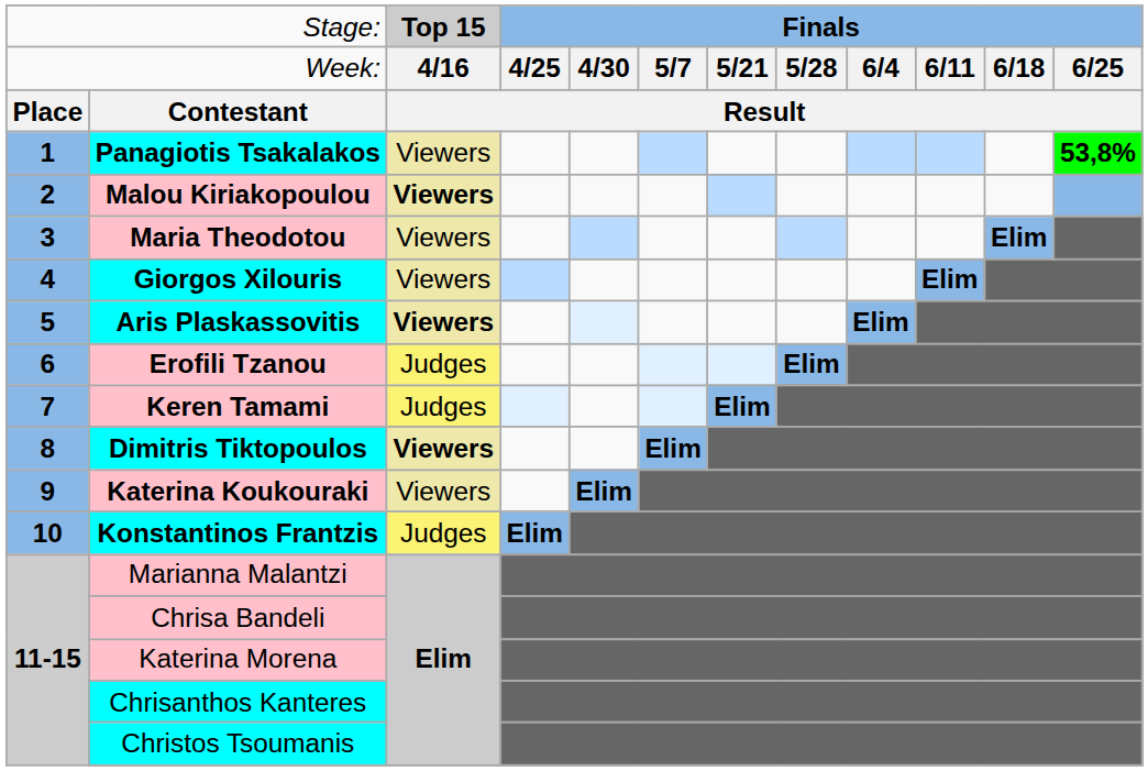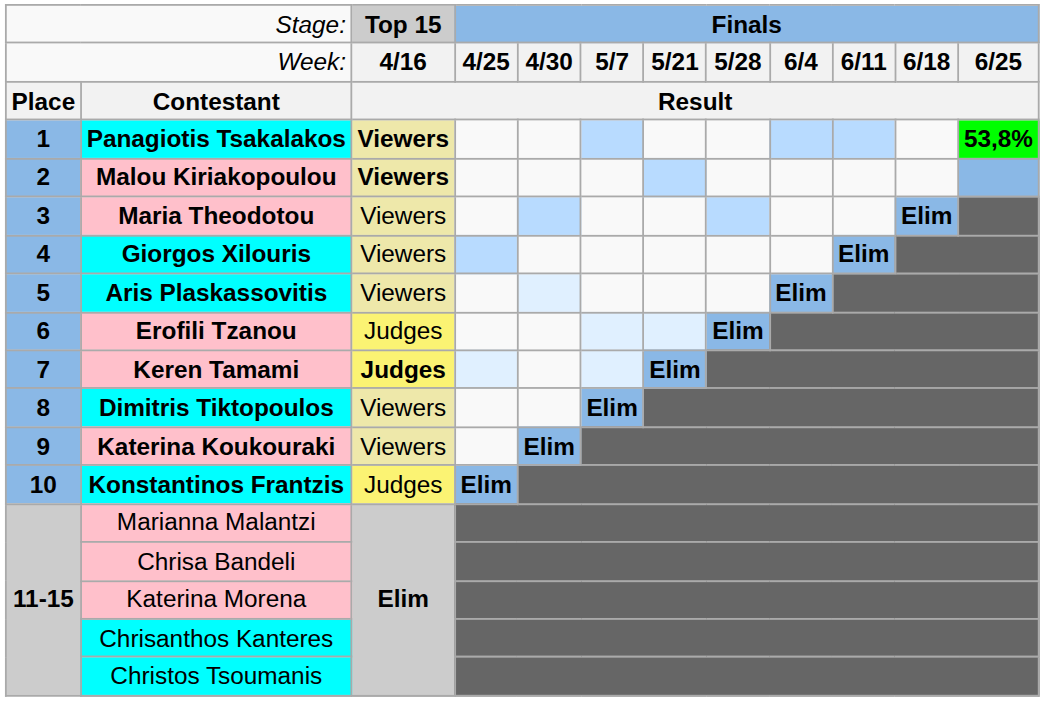 <table class="wikitable" style="margin:1em auto; text-align:center; font-size:85%">
 <tr>
 <td align="right" colspan=2><em>Stage:</em></td>
 <td bgcolor="CCCCCC"><strong>Top 15</strong></td>
 <td bgcolor="8AB8E6" colspan=9><strong>Finals</strong></td>
 </tr>
 <tr>
 <td align="right" colspan=2><em>Week:</em></td>
 <th>4/16</th>
 <th>4/25</th>
 <th>4/30</th>
 <th>5/7</th>
 <th>5/21</th>
 <th>5/28</th>
 <th>6/4</th>
 <th>6/11</th>
 <th>6/18</th>
 <th>6/25</th>
 </tr>
 <tr>
 <th>Place</th>
 <th>Contestant</th>
 <th colspan="10" style="text-align:center;">Result</th>
 </tr>
 <tr>
 <td style="background:#8ab8e6;"><strong>1</strong></td>
 <td bgcolor="cyan"><strong>Panagiotis Tsakalakos</strong></td>
-<td style="background:palegoldenrod; text-align:center;">Viewers</td>
+<td style="background:palegoldenrod; text-align:center;"><strong>Viewers</strong></td>
 <td></td>
 <td></td>
 <td style="background:#b8dbff; text-align:center;"></td>
 <td></td>
 <td></td>
 <td style="background:#b8dbff; text-align:center;"></td>
 <td style="background:#b8dbff; text-align:center;"></td>
 <td></td>
 <td bgcolor="00FF00"><strong>53,8%</strong></td>
 </tr>
 <tr>
 <td style="background:#8ab8e6;"><strong>2</strong></td>
 <td bgcolor="pink"><strong>Malou Kiriakopoulou</strong></td>
 <td style="background:palegoldenrod; text-align:center;"><strong>Viewers</strong></td>
 <td></td>
 <td></td>
 <td></td>
 <td style="background:#b8dbff; text-align:center;"></td>
 <td></td>
 <td></td>
 <td></td>
 <td></td>
 <td style="background:#8ab8e6; text-align:center;"></td>
 </tr>
 <tr>
 <td style="background:#8ab8e6;"><strong>3</strong></td>
 <td bgcolor="pink"><strong>Maria Theodotou</strong></td>
 <td style="background:palegoldenrod; text-align:center;">Viewers</td>
 <td></td>
 <td style="background:#b8dbff; text-align:center;"></td>
 <td></td>
 <td></td>
 <td style="background:#b8dbff; text-align:center;"></td>
 <td></td>
 <td></td>
 <td style="background:#8ab8e6; text-align:center;" rowspan="1"><strong>Elim</strong></td>
 <td colspan="6" style="background:#666;"></td>
 </tr>
 <tr>
 <td style="background:#8ab8e6;"><strong>4</strong></td>
 <td bgcolor="cyan"><strong>Giorgos Xilouris</strong></td>
 <td style="background:palegoldenrod; text-align:center;">Viewers</td>
 <td style="background:#b8dbff; text-align:center;"></td>
 <td></td>
 <td></td>
 <td></td>
 <td></td>
 <td></td>
 <td style="background:#8ab8e6; text-align:center;" rowspan="1"><strong>Elim</strong></td>
 <td colspan="6" style="background:#666;"></td>
 </tr>
 <tr>
 <td style="background:#8ab8e6;"><strong>5</strong></td>
 <td bgcolor="cyan"><strong>Aris Plaskassovitis</strong></td>
-<td style="background:palegoldenrod; text-align:center;"><strong>Viewers</strong></td>
+<td style="background:palegoldenrod; text-align:center;">Viewers</td>
 <td></td>
 <td style="background:#e0f0ff; text-align:center;"></td>
 <td></td>
 <td></td>
 <td></td>
 <td style="background:#8ab8e6; text-align:center;" rowspan="1"><strong>Elim</strong></td>
 <td colspan="7" style="background:#666;"></td>
 </tr>
 <tr>
 <td style="background:#8ab8e6;"><strong>6</strong></td>
 <td bgcolor="pink"><strong>Erofili Tzanou</strong></td>
 <td style="background:#fbf373; text-align:center;">Judges</td>
 <td></td>
 <td></td>
 <td style="background:#e0f0ff; text-align:center;"></td>
 <td style="background:#e0f0ff; text-align:center;"></td>
 <td style="background:#8ab8e6; text-align:center;" rowspan="1"><strong>Elim</strong></td>
 <td colspan="8" style="background:#666;"></td>
 </tr>
 <tr>
 <td style="background:#8ab8e6;"><strong>7</strong></td>
 <td bgcolor="pink"><strong>Keren Tamami</strong></td>
-<td style="background:#fbf373; text-align:center;">Judges</td>
+<td style="background:#fbf373; text-align:center;"><strong>Judges</strong></td>
 <td style="background:#e0f0ff; text-align:center;"></td>
 <td></td>
 <td style="background:#e0f0ff; text-align:center;"></td>
 <td style="background:#8ab8e6; text-align:center;" rowspan="1"><strong>Elim</strong></td>
 <td colspan="9" style="background:#666;"></td>
 </tr>
 <tr>
 <td style="background:#8ab8e6;"><strong>8</strong></td>
 <td bgcolor="cyan"><strong>Dimitris Tiktopoulos</strong></td>
-<td style="background:palegoldenrod; text-align:center;"><strong>Viewers</strong></td>
+<td style="background:palegoldenrod; text-align:center;">Viewers</td>
 <td></td>
 <td></td>
 <td style="background:#8ab8e6; text-align:center;" rowspan="1"><strong>Elim</strong></td>
 <td colspan="9" style="background:#666;"></td>
 </tr>
 <tr>
 <td style="background:#8ab8e6;"><strong>9</strong></td>
 <td bgcolor="pink"><strong>Katerina Koukouraki</strong></td>
 <td style="background:palegoldenrod; text-align:center;">Viewers</td>
 <td></td>
 <td style="background:#8ab8e6; text-align:center;" rowspan="1"><strong>Elim</strong></td>
 <td colspan="9" style="background:#666;"></td>
 </tr>
 <tr>
 <td style="background:#8ab8e6;"><strong>10</strong></td>
 <td bgcolor="cyan"><strong>Konstantinos Frantzis</strong></td>
 <td style="background:#fbf373; text-align:center;">Judges</td>
 <td style="background:#8ab8e6; text-align:center;" rowspan="1"><strong>Elim</strong></td>
 <td colspan="8" style="background:#666;"></td>
 </tr>
 <tr>
 <td style="background:#ccc; text-align:center;" rowspan="8"><strong>11-15</strong></td>
 <td bgcolor="pink">Marianna Malantzi</td>
 <td style="background:#ccc; text-align:center;" rowspan="5"><strong>Elim</strong></td>
 <td colspan="9" style="background:#666;"></td>
 </tr>
 <tr>
 <td bgcolor="pink">Chrisa Bandeli</td>
 <td colspan="9" style="background:#666;"></td>
 </tr>
 <tr>
 <td bgcolor="Pink">Katerina Morena</td>
 <td colspan="9" style="background:#666;"></td>
 </tr>
 <tr>
 <td bgcolor="cyan">Chrisanthos Kanteres</td>
 <td colspan="9" style="background:#666;"></td>
 </tr>
 <tr>
 <td bgcolor="cyan">Christos Tsoumanis</td>
 <td colspan="9" style="background:#666;"></td>
 </tr>
 <tr>
 </tr>
 </table>
